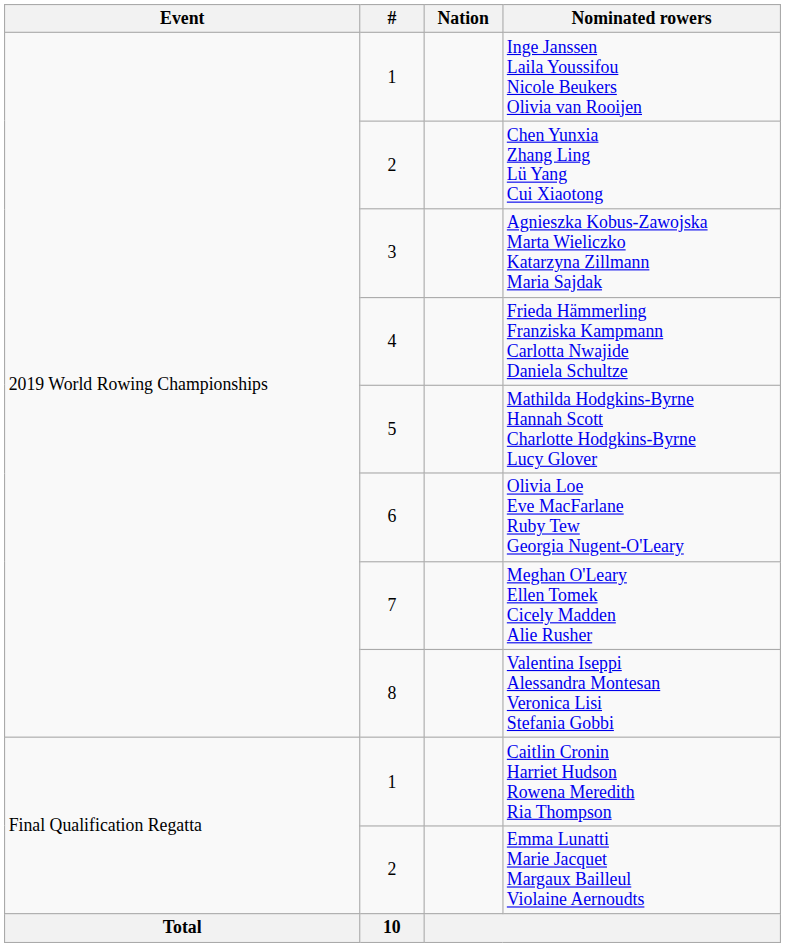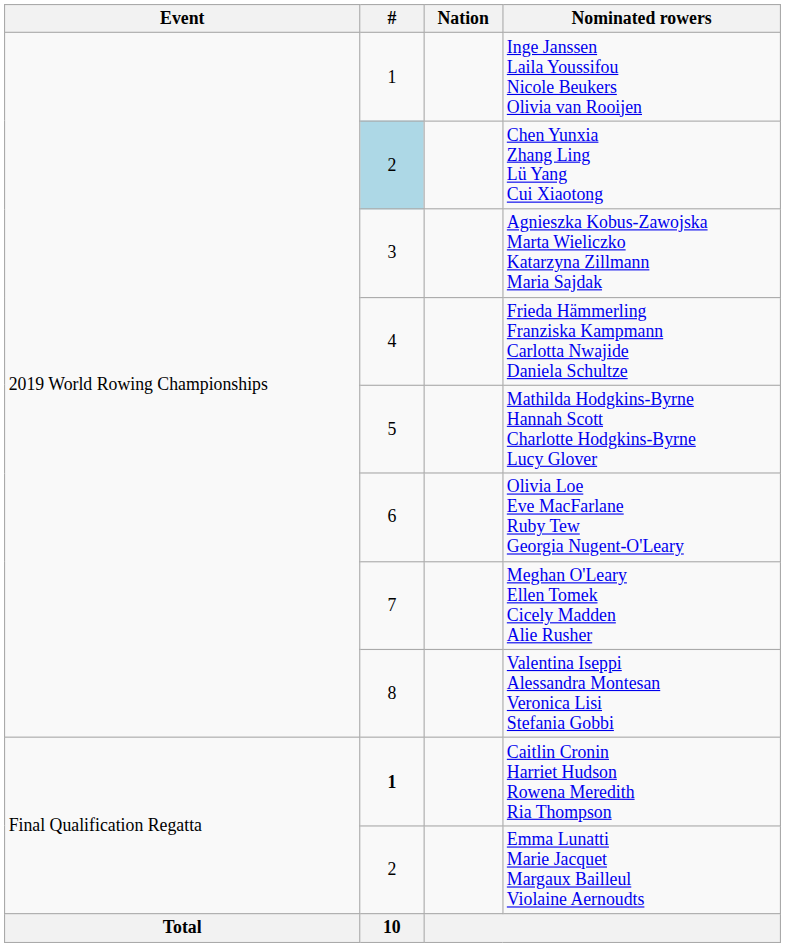 <table class="wikitable"  style="width:700px; text-align:center;">
 <tr>
 <th>Event</th>
 <th width=50>#</th>
 <th>Nation</th>
 <th>Nominated rowers</th>
 </tr>
 <tr>
 <td rowspan=8 align=left>2019 World Rowing Championships</td>
 <td>1</td>
 <td align=left></td>
 <td align=left><a href='#'>Inge Janssen</a><br><a href='#'>Laila Youssifou</a><br><a href='#'>Nicole Beukers</a><br><a href='#'>Olivia van Rooijen</a></td>
 </tr>
 <tr>
-<td>2</td>
+<td style="background: lightblue;">2</td>
 <td align=left></td>
 <td align=left><a href='#'>Chen Yunxia</a><br><a href='#'>Zhang Ling</a><br><a href='#'>Lü Yang</a><br><a href='#'>Cui Xiaotong</a></td>
 </tr>
 <tr>
 <td>3</td>
 <td align=left></td>
 <td align=left><a href='#'>Agnieszka Kobus-Zawojska</a><br><a href='#'>Marta Wieliczko</a><br><a href='#'>Katarzyna Zillmann</a><br><a href='#'>Maria Sajdak</a></td>
 </tr>
 <tr>
 <td>4</td>
 <td align=left></td>
 <td align=left><a href='#'>Frieda Hämmerling</a><br><a href='#'>Franziska Kampmann</a><br><a href='#'>Carlotta Nwajide</a><br><a href='#'>Daniela Schultze</a></td>
 </tr>
 <tr>
 <td>5</td>
 <td align=left></td>
 <td align=left><a href='#'>Mathilda Hodgkins-Byrne</a><br><a href='#'>Hannah Scott</a><br><a href='#'>Charlotte Hodgkins-Byrne</a><br><a href='#'>Lucy Glover</a></td>
 </tr>
 <tr>
 <td>6</td>
 <td align=left></td>
 <td align=left><a href='#'>Olivia Loe</a><br><a href='#'>Eve MacFarlane</a><br><a href='#'>Ruby Tew</a><br><a href='#'>Georgia Nugent-O'Leary</a></td>
 </tr>
 <tr>
 <td>7</td>
 <td align=left></td>
 <td align=left><a href='#'>Meghan O'Leary</a><br><a href='#'>Ellen Tomek</a><br><a href='#'>Cicely Madden</a><br><a href='#'>Alie Rusher</a></td>
 </tr>
 <tr>
 <td>8</td>
 <td align=left></td>
 <td align=left><a href='#'>Valentina Iseppi</a><br><a href='#'>Alessandra Montesan</a><br><a href='#'>Veronica Lisi</a><br><a href='#'>Stefania Gobbi</a></td>
 </tr>
 <tr>
 <td rowspan=2 align=left>Final Qualification Regatta</td>
-<td>1</td>
+<td><strong>1</strong></td>
 <td align=left></td>
 <td align=left><a href='#'>Caitlin Cronin</a><br><a href='#'>Harriet Hudson</a><br><a href='#'>Rowena Meredith</a><br><a href='#'>Ria Thompson</a></td>
 </tr>
 <tr>
 <td>2</td>
 <td align=left></td>
 <td align=left><a href='#'>Emma Lunatti</a><br><a href='#'>Marie Jacquet</a><br><a href='#'>Margaux Bailleul</a><br><a href='#'>Violaine Aernoudts</a></td>
 </tr>
 <tr>
 <th>Total</th>
 <th>10</th>
 <th colspan=2></th>
 </tr>
 </table>
